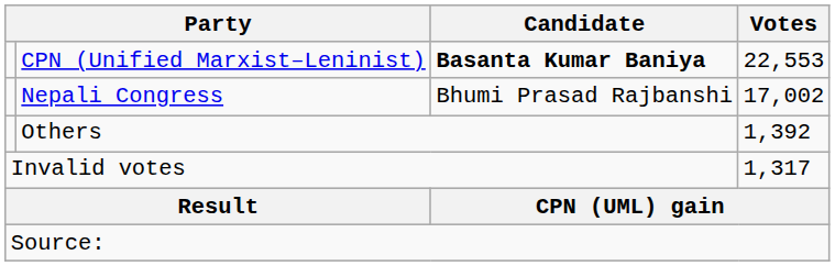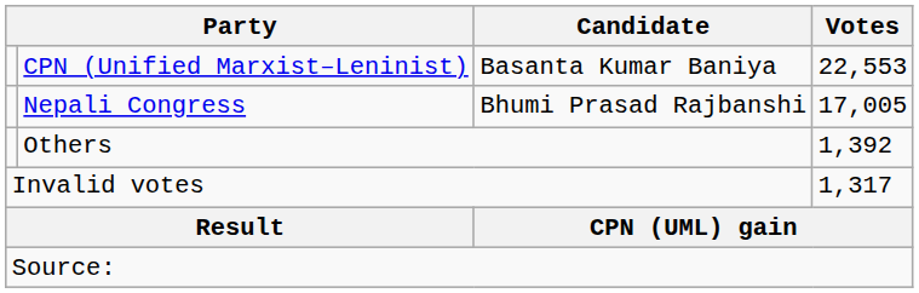 <table class="wikitable">
 <tr>
 <th colspan="2">Party</th>
 <th>Candidate</th>
 <th>Votes</th>
 </tr>
 <tr>
 <td style="background-color:"></td>
 <td><a href='#'>CPN (Unified Marxist–Leninist)</a></td>
-<td><strong>Basanta Kumar Baniya</strong></td>
+<td>Basanta Kumar Baniya</td>
 <td>22,553</td>
 </tr>
 <tr>
 <td style="background-color:"></td>
 <td><a href='#'>Nepali Congress</a></td>
 <td>Bhumi Prasad Rajbanshi</td>
-<td>17,002</td>
+<td>17,005</td>
 </tr>
 <tr>
 <td></td>
 <td colspan="2">Others</td>
 <td>1,392</td>
 </tr>
 <tr>
 <td colspan="3">Invalid votes</td>
 <td>1,317</td>
 </tr>
 <tr>
 <th colspan="2">Result</th>
 <th colspan="2">CPN (UML) gain</th>
 </tr>
 <tr>
 <td colspan="4">Source: </td>
 </tr>
 </table>
